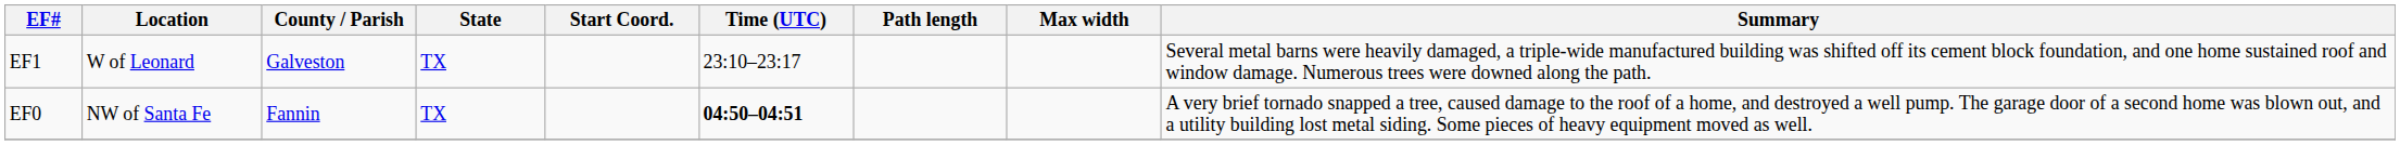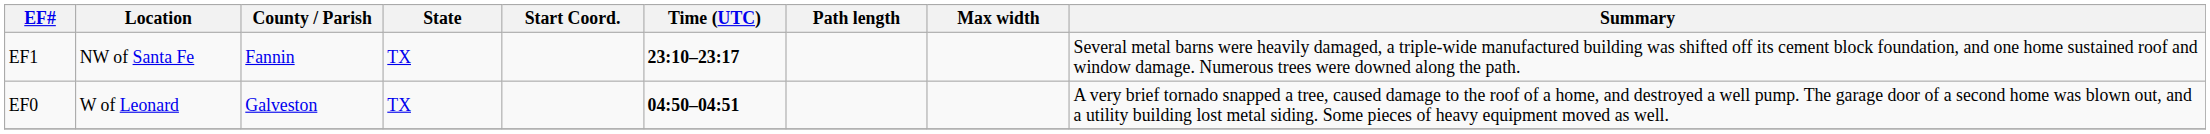 <table class="wikitable sortable" style="width:100%;">
 <tr>
 <th scope="col"  style="width:3%; text-align:center;"><a href='#'>EF#</a></th>
 <th scope="col"  style="width:7%; text-align:center;" class="unsortable">Location</th>
 <th scope="col"  style="width:6%; text-align:center;" class="unsortable">County / Parish</th>
 <th scope="col"  style="width:5%; text-align:center;">State</th>
 <th scope="col"  style="width:6%; text-align:center;">Start Coord.</th>
 <th scope="col"  style="width:6%; text-align:center;">Time (<a href='#'>UTC</a>)</th>
 <th scope="col"  style="width:6%; text-align:center;">Path length</th>
 <th scope="col"  style="width:6%; text-align:center;">Max width</th>
 <th scope="col" class="unsortable" style="width:48%; text-align:center;">Summary</th>
 </tr>
 <tr>
 <td>EF1</td>
-<td>W of <a href='#'>Leonard</a></td>
-<td><a href='#'>Galveston</a></td>
+<td>NW of <a href='#'>Santa Fe</a></td>
+<td><a href='#'>Fannin</a></td>
 <td><a href='#'>TX</a></td>
 <td></td>
-<td>23:10–23:17</td>
+<td><strong>23:10–23:17</strong></td>
 <td></td>
 <td></td>
 <td>Several metal barns were heavily damaged, a triple-wide manufactured building was shifted off its cement block foundation, and one home sustained roof and window damage. Numerous trees were downed along the path.</td>
 </tr>
 <tr>
 <td>EF0</td>
-<td>NW of <a href='#'>Santa Fe</a></td>
-<td><a href='#'>Fannin</a></td>
+<td>W of <a href='#'>Leonard</a></td>
+<td><a href='#'>Galveston</a></td>
 <td><a href='#'>TX</a></td>
 <td></td>
 <td><strong>04:50–04:51</strong></td>
 <td></td>
 <td></td>
 <td>A very brief tornado snapped a tree, caused damage to the roof of a home, and destroyed a well pump. The garage door of a second home was blown out, and a utility building lost metal siding. Some pieces of heavy equipment moved as well.</td>
 </tr>
 <tr>
 </tr>
 </table>
